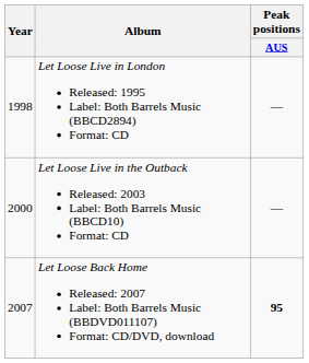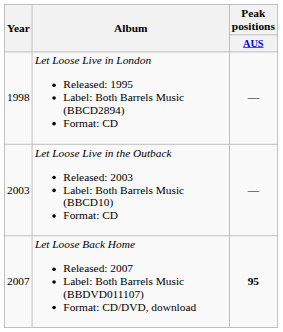 <table class="wikitable">
 <tr>
 <th align="center" rowspan="2" width="10">Year</th>
 <th align="center" rowspan="2" width="270">Album</th>
 <th align="center" colspan="1" width="20">Peak positions</th>
 </tr>
 <tr>
 <th scope="col" style="width:3em;font-size:90%;"><a href='#'>AUS</a><br></th>
 </tr>
 <tr>
 <td style="text-align:center;">1998</td>
 <td><em>Let Loose Live in London</em><br><ul><li>Released: 1995</li><li>Label: Both Barrels Music (BBCD2894)</li><li>Format: CD</li></ul></td>
 <td style="text-align:center;">—</td>
 </tr>
 <tr>
-<td style="text-align:center;">2000</td>
+<td style="text-align:center;">2003</td>
 <td><em>Let Loose Live in the Outback</em><br><ul><li>Released: 2003</li><li>Label: Both Barrels Music (BBCD10)</li><li>Format: CD</li></ul></td>
 <td style="text-align:center;">—</td>
 </tr>
 <tr>
 <td style="text-align:center;">2007</td>
 <td><em>Let Loose Back Home</em><br><ul><li>Released: 2007</li><li>Label: Both Barrels Music (BBDVD011107)</li><li>Format: CD/DVD, download</li></ul></td>
 <td style="text-align:center;"><strong>95</strong></td>
 </tr>
 </table>
